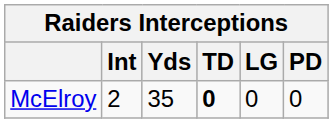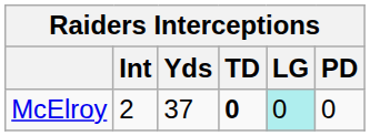 <table class="wikitable">
 <tr>
 <th colspan="6">Raiders Interceptions</th>
 </tr>
 <tr>
 <th></th>
 <th>Int</th>
 <th>Yds</th>
 <th>TD</th>
 <th>LG</th>
 <th>PD</th>
 </tr>
 <tr>
 <td><a href='#'>McElroy</a></td>
 <td>2</td>
-<td>35</td>
+<td>37</td>
 <td><strong>0</strong></td>
-<td>0</td>
+<td style="background: paleturquoise;">0</td>
 <td>0</td>
 </tr>
 </table>
